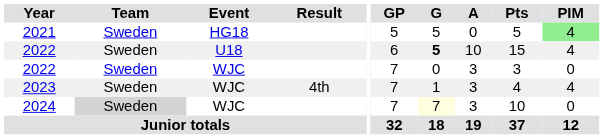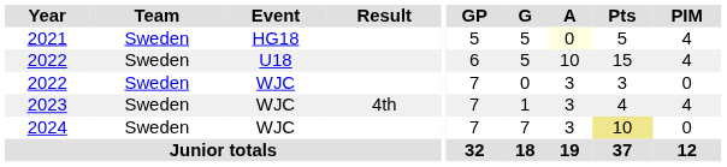 <table border="0" cellpadding="1" cellspacing="0" ID="Table3" style="text-align:center; width:40em">
 <tr bgcolor="#e0e0e0">
 <th>Year</th>
 <th>Team</th>
 <th>Event</th>
 <th>Result</th>
 <th rowspan="99" bgcolor="#ffffff"></th>
 <th>GP</th>
 <th>G</th>
 <th>A</th>
 <th>Pts</th>
 <th>PIM</th>
 </tr>
 <tr>
 <td><a href='#'>2021</a></td>
 <td><a href='#'>Sweden</a></td>
 <td><a href='#'>HG18</a></td>
 <td></td>
 <td>5</td>
 <td>5</td>
-<td>0</td>
+<td style="background: lightyellow;">0</td>
 <td>5</td>
-<td style="background: lightgreen;">4</td>
+<td>4</td>
 </tr>
 <tr bgcolor="#f0f0f0">
 <td><a href='#'>2022</a></td>
 <td>Sweden</td>
 <td><a href='#'>U18</a></td>
 <td></td>
 <td>6</td>
-<td><strong>5</strong></td>
+<td>5</td>
 <td>10</td>
 <td>15</td>
 <td>4</td>
 </tr>
 <tr>
 <td><a href='#'>2022</a></td>
 <td><a href='#'>Sweden</a></td>
 <td><a href='#'>WJC</a></td>
 <td></td>
 <td>7</td>
 <td>0</td>
 <td>3</td>
 <td>3</td>
 <td>0</td>
 </tr>
 <tr bgcolor="#f0f0f0">
 <td><a href='#'>2023</a></td>
 <td>Sweden</td>
 <td>WJC</td>
 <td>4th</td>
 <td>7</td>
 <td>1</td>
 <td>3</td>
 <td>4</td>
 <td>4</td>
 </tr>
 <tr>
 <td><a href='#'>2024</a></td>
-<td style="background: lightgrey;">Sweden</td>
+<td>Sweden</td>
 <td>WJC</td>
 <td></td>
 <td>7</td>
-<td style="background: lightyellow;">7</td>
+<td>7</td>
 <td>3</td>
-<td>10</td>
+<td style="background: khaki;">10</td>
 <td>0</td>
 </tr>
 <tr bgcolor="#e0e0e0">
 <th colspan="4">Junior totals</th>
 <th>32</th>
 <th>18</th>
 <th>19</th>
 <th>37</th>
 <th>12</th>
 </tr>
 </table>
